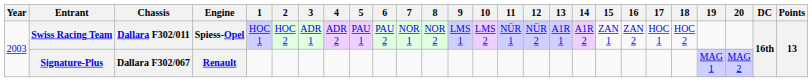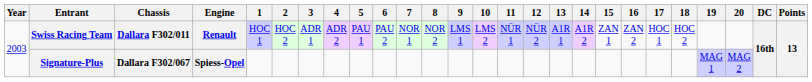 <table class="wikitable" style="text-align:center; font-size:90%">
 <tr>
 <th>Year</th>
 <th>Entrant</th>
 <th>Chassis</th>
 <th>Engine</th>
 <th>1</th>
 <th>2</th>
 <th>3</th>
 <th>4</th>
 <th>5</th>
 <th>6</th>
 <th>7</th>
 <th>8</th>
 <th>9</th>
 <th>10</th>
 <th>11</th>
 <th>12</th>
 <th>13</th>
 <th>14</th>
 <th>15</th>
 <th>16</th>
 <th>17</th>
 <th>18</th>
 <th>19</th>
 <th>20</th>
 <th>DC</th>
 <th>Points</th>
 </tr>
 <tr>
 <td rowspan=2><a href='#'>2003</a></td>
 <th><a href='#'>Swiss Racing Team</a></th>
 <th><a href='#'>Dallara</a> F302/011</th>
-<th>Spiess-<a href='#'>Opel</a></th>
+<th><a href='#'>Renault</a></th>
 <td style="background:#CFCFFF;"><a href='#'>HOC<br>1</a><br></td>
 <td style="background:#DFFFDF;"><a href='#'>HOC<br>2</a><br></td>
 <td style="background:#DFFFDF;"><a href='#'>ADR<br>1</a><br></td>
 <td style="background:#EFCFFF;"><a href='#'>ADR<br>2</a><br></td>
 <td style="background:#EFCFFF;"><a href='#'>PAU<br>1</a><br></td>
 <td style="background:#DFFFDF;"><a href='#'>PAU<br>2</a><br></td>
 <td style="background:#DFFFDF;"><a href='#'>NOR<br>1</a><br></td>
 <td style="background:#DFFFDF;"><a href='#'>NOR<br>2</a><br></td>
 <td style="background:#CFCFFF;"><a href='#'>LMS<br>1</a><br></td>
 <td style="background:#EFCFFF;"><a href='#'>LMS<br>2</a><br></td>
 <td style="background:#CFCFFF;"><a href='#'>NÜR<br>1</a><br></td>
 <td style="background:#CFCFFF;"><a href='#'>NÜR<br>2</a><br></td>
 <td style="background:#CFCFFF;"><a href='#'>A1R<br>1</a><br></td>
 <td style="background:#EFCFFF;"><a href='#'>A1R<br>2</a><br></td>
 <td><a href='#'>ZAN<br>1</a></td>
 <td><a href='#'>ZAN<br>2</a></td>
 <td><a href='#'>HOC<br>1</a></td>
 <td><a href='#'>HOC<br>2</a></td>
 <td></td>
 <td></td>
 <th rowspan=2>16th</th>
 <th rowspan=2>13</th>
 </tr>
 <tr>
 <th><a href='#'>Signature-Plus</a></th>
 <th>Dallara F302/067</th>
-<th><a href='#'>Renault</a></th>
+<th>Spiess-<a href='#'>Opel</a></th>
 <td></td>
 <td></td>
 <td></td>
 <td></td>
 <td></td>
 <td></td>
 <td></td>
 <td></td>
 <td></td>
 <td></td>
 <td></td>
 <td></td>
 <td></td>
 <td></td>
 <td></td>
 <td></td>
 <td></td>
 <td></td>
 <td style="background:#CFCFFF;"><a href='#'>MAG<br>1</a><br></td>
 <td style="background:#CFCFFF;"><a href='#'>MAG<br>2</a><br></td>
 </tr>
 </table>
